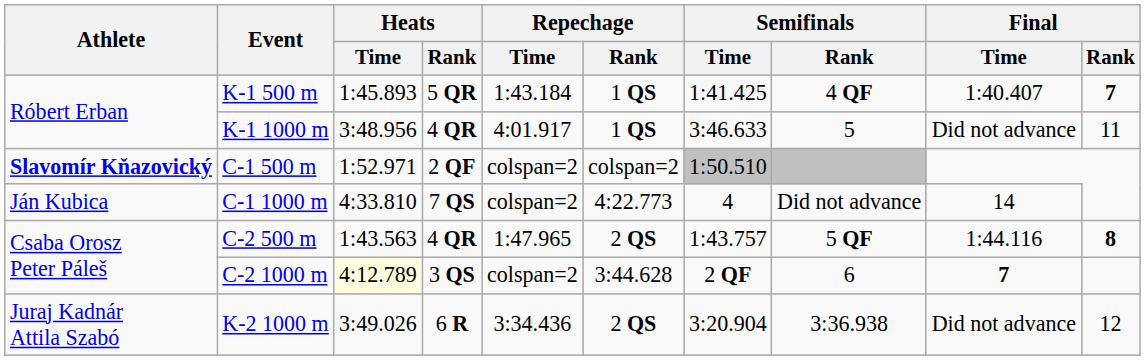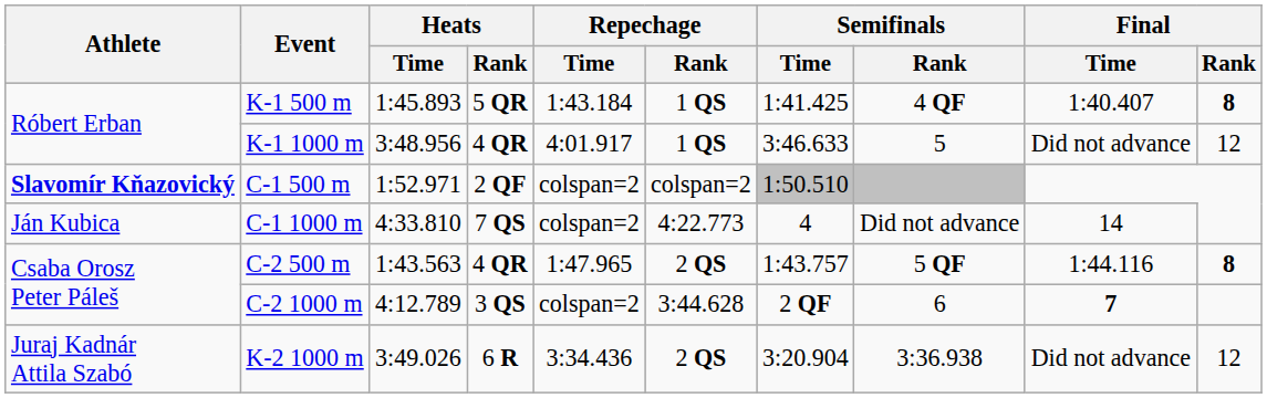 <table class=wikitable style="font-size:90%">
 <tr>
 <th rowspan="2">Athlete</th>
 <th rowspan="2">Event</th>
 <th colspan="2">Heats</th>
 <th colspan="2">Repechage</th>
 <th colspan="2">Semifinals</th>
 <th colspan="2">Final</th>
 </tr>
 <tr style="font-size:95%">
 <th>Time</th>
 <th>Rank</th>
 <th>Time</th>
 <th>Rank</th>
 <th>Time</th>
 <th>Rank</th>
 <th>Time</th>
 <th>Rank</th>
 </tr>
 <tr align=center>
 <td align=left rowspan=2><a href='#'>Róbert Erban</a></td>
 <td align=left><a href='#'>K-1 500 m</a></td>
 <td>1:45.893</td>
 <td>5 <strong>QR</strong></td>
 <td>1:43.184</td>
 <td>1 <strong>QS</strong></td>
 <td>1:41.425</td>
 <td>4 <strong>QF</strong></td>
 <td>1:40.407</td>
-<td><strong>7</strong></td>
+<td><strong>8</strong></td>
 </tr>
 <tr align=center>
 <td align=left><a href='#'>K-1 1000 m</a></td>
 <td>3:48.956</td>
 <td>4 <strong>QR</strong></td>
 <td>4:01.917</td>
 <td>1 <strong>QS</strong></td>
 <td>3:46.633</td>
 <td>5</td>
 <td>Did not advance</td>
-<td>11</td>
+<td>12</td>
 </tr>
 <tr align=center>
 <td align=left><strong><a href='#'>Slavomír Kňazovický</a></strong></td>
 <td align=left><a href='#'>C-1 500 m</a></td>
 <td>1:52.971</td>
 <td>2 <strong>QF</strong></td>
 <td>colspan=2 </td>
 <td>colspan=2 </td>
 <td align="center" bgcolor='silver'>1:50.510</td>
 <td align="center" bgcolor='silver'></td>
 </tr>
 <tr align=center>
 <td align=left><a href='#'>Ján Kubica</a></td>
 <td align=left><a href='#'>C-1 1000 m</a></td>
 <td>4:33.810</td>
 <td>7 <strong>QS</strong></td>
 <td>colspan=2 </td>
 <td>4:22.773</td>
 <td>4</td>
 <td>Did not advance</td>
 <td>14</td>
 </tr>
 <tr align=center>
 <td align=left rowspan=2><a href='#'>Csaba Orosz</a><br><a href='#'>Peter Páleš</a></td>
 <td align=left><a href='#'>C-2 500 m</a></td>
 <td>1:43.563</td>
 <td>4 <strong>QR</strong></td>
 <td>1:47.965</td>
 <td>2 <strong>QS</strong></td>
 <td>1:43.757</td>
 <td>5 <strong>QF</strong></td>
 <td>1:44.116</td>
 <td><strong>8</strong></td>
 </tr>
 <tr align=center>
 <td align=left><a href='#'>C-2 1000 m</a></td>
-<td style="background: lightyellow;">4:12.789</td>
+<td>4:12.789</td>
 <td>3 <strong>QS</strong></td>
 <td>colspan=2 </td>
 <td>3:44.628</td>
 <td>2 <strong>QF</strong></td>
 <td>6</td>
 <td><strong>7</strong></td>
 </tr>
 <tr align=center>
 <td align=left><a href='#'>Juraj Kadnár</a><br><a href='#'>Attila Szabó</a></td>
 <td align=left><a href='#'>K-2 1000 m</a></td>
 <td>3:49.026</td>
 <td>6 <strong>R</strong></td>
 <td>3:34.436</td>
 <td>2 <strong>QS</strong></td>
 <td>3:20.904</td>
 <td>3:36.938</td>
 <td>Did not advance</td>
 <td>12</td>
 </tr>
 </table>
